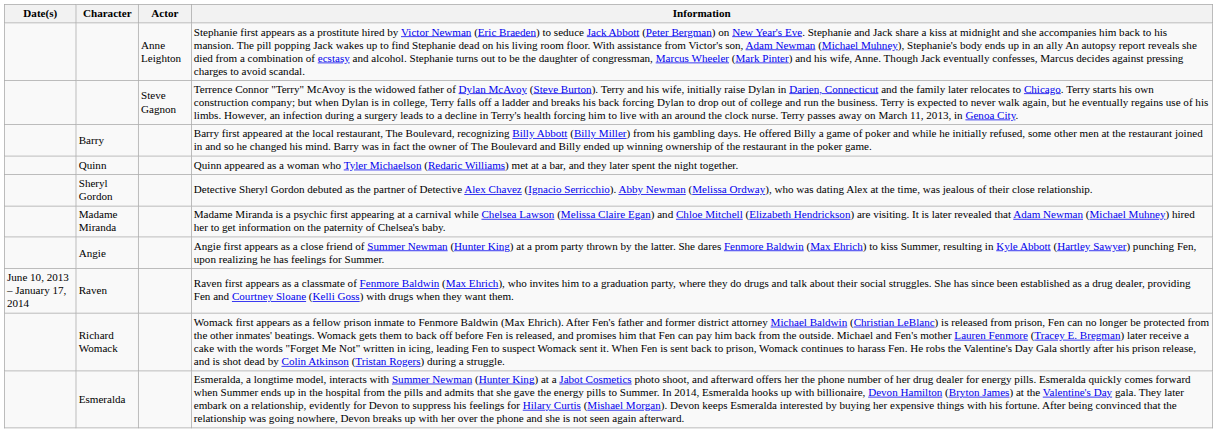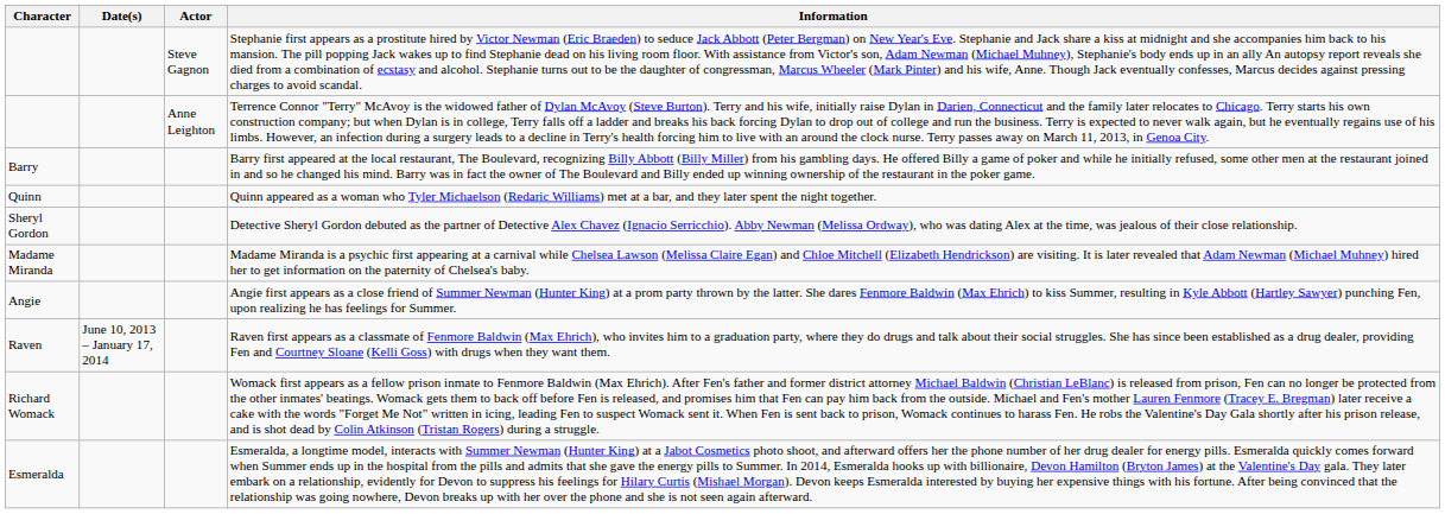 <table class="wikitable" style="font-size:90%">
 <tr>
+<th>Character</th>
 <th>Date(s)</th>
-<th>Character</th>
 <th>Actor</th>
 <th>Information</th>
 </tr>
 <tr>
 <td></td>
 <td></td>
-<td>Anne Leighton</td>
+<td>Steve Gagnon</td>
 <td>Stephanie first appears as a prostitute hired by <a href='#'>Victor Newman</a> (<a href='#'>Eric Braeden</a>) to seduce <a href='#'>Jack Abbott</a> (<a href='#'>Peter Bergman</a>) on <a href='#'>New Year's Eve</a>. Stephanie and Jack share a kiss at midnight and she accompanies him back to his mansion. The pill popping Jack wakes up to find Stephanie dead on his living room floor. With assistance from Victor's son, <a href='#'>Adam Newman</a> (<a href='#'>Michael Muhney</a>), Stephanie's body ends up in an ally An autopsy report reveals she died from a combination of <a href='#'>ecstasy</a> and alcohol. Stephanie turns out to be the daughter of congressman, <a href='#'>Marcus Wheeler</a> (<a href='#'>Mark Pinter</a>) and his wife, Anne. Though Jack eventually confesses, Marcus decides against pressing charges to avoid scandal.</td>
 </tr>
 <tr>
 <td></td>
 <td></td>
-<td>Steve Gagnon</td>
+<td>Anne Leighton</td>
 <td>Terrence Connor "Terry" McAvoy is the widowed father of <a href='#'>Dylan McAvoy</a> (<a href='#'>Steve Burton</a>). Terry and his wife, initially raise Dylan in <a href='#'>Darien, Connecticut</a> and the family later relocates to <a href='#'>Chicago</a>. Terry starts his own construction company; but when Dylan is in college, Terry falls off a ladder and breaks his back forcing Dylan to drop out of college and run the business. Terry is expected to never walk again, but he eventually regains use of his limbs. However, an infection during a surgery leads to a decline in Terry's health forcing him to live with an around the clock nurse. Terry passes away on March 11, 2013, in <a href='#'>Genoa City</a>.</td>
 </tr>
 <tr>
+<td>Barry</td>
 <td></td>
-<td>Barry</td>
 <td></td>
 <td>Barry first appeared at the local restaurant, The Boulevard, recognizing <a href='#'>Billy Abbott</a> (<a href='#'>Billy Miller</a>) from his gambling days. He offered Billy a game of poker and while he initially refused, some other men at the restaurant joined in and so he changed his mind. Barry was in fact the owner of The Boulevard and Billy ended up winning ownership of the restaurant in the poker game.</td>
 </tr>
 <tr>
+<td>Quinn</td>
 <td></td>
-<td>Quinn</td>
 <td></td>
 <td>Quinn appeared as a woman who <a href='#'>Tyler Michaelson</a> (<a href='#'>Redaric Williams</a>) met at a bar, and they later spent the night together.</td>
 </tr>
 <tr>
+<td>Sheryl Gordon</td>
 <td></td>
-<td>Sheryl Gordon</td>
 <td></td>
 <td>Detective Sheryl Gordon debuted as the partner of Detective <a href='#'>Alex Chavez</a> (<a href='#'>Ignacio Serricchio</a>). <a href='#'>Abby Newman</a> (<a href='#'>Melissa Ordway</a>), who was dating Alex at the time, was jealous of their close relationship.</td>
 </tr>
 <tr>
+<td>Madame Miranda</td>
 <td></td>
-<td>Madame Miranda</td>
 <td></td>
 <td>Madame Miranda is a psychic first appearing at a carnival while <a href='#'>Chelsea Lawson</a> (<a href='#'>Melissa Claire Egan</a>) and <a href='#'>Chloe Mitchell</a> (<a href='#'>Elizabeth Hendrickson</a>) are visiting. It is later revealed that <a href='#'>Adam Newman</a> (<a href='#'>Michael Muhney</a>) hired her to get information on the paternity of Chelsea's baby.</td>
 </tr>
 <tr>
+<td>Angie</td>
 <td></td>
-<td>Angie</td>
 <td></td>
 <td>Angie first appears as a close friend of <a href='#'>Summer Newman</a> (<a href='#'>Hunter King</a>) at a prom party thrown by the latter. She dares <a href='#'>Fenmore Baldwin</a> (<a href='#'>Max Ehrich</a>) to kiss Summer, resulting in <a href='#'>Kyle Abbott</a> (<a href='#'>Hartley Sawyer</a>) punching Fen, upon realizing he has feelings for Summer.</td>
 </tr>
 <tr>
+<td>Raven</td>
 <td>June 10, 2013 – January 17, 2014</td>
-<td>Raven</td>
 <td></td>
 <td>Raven first appears as a classmate of <a href='#'>Fenmore Baldwin</a> (<a href='#'>Max Ehrich</a>), who invites him to a graduation party, where they do drugs and talk about their social struggles. She has since been established as a drug dealer, providing Fen and <a href='#'>Courtney Sloane</a> (<a href='#'>Kelli Goss</a>) with drugs when they want them.</td>
 </tr>
 <tr>
+<td>Richard Womack</td>
 <td></td>
-<td>Richard Womack</td>
 <td></td>
 <td>Womack first appears as a fellow prison inmate to Fenmore Baldwin (Max Ehrich). After Fen's father and former district attorney <a href='#'>Michael Baldwin</a> (<a href='#'>Christian LeBlanc</a>) is released from prison, Fen can no longer be protected from the other inmates' beatings. Womack gets them to back off before Fen is released, and promises him that Fen can pay him back from the outside. Michael and Fen's mother <a href='#'>Lauren Fenmore</a> (<a href='#'>Tracey E. Bregman</a>) later receive a cake with the words "Forget Me Not" written in icing, leading Fen to suspect Womack sent it. When Fen is sent back to prison, Womack continues to harass Fen. He robs the Valentine's Day Gala shortly after his prison release, and is shot dead by <a href='#'>Colin Atkinson</a> (<a href='#'>Tristan Rogers</a>) during a struggle.</td>
 </tr>
 <tr>
+<td>Esmeralda</td>
 <td></td>
-<td>Esmeralda</td>
 <td></td>
 <td>Esmeralda, a longtime model, interacts with <a href='#'>Summer Newman</a> (<a href='#'>Hunter King</a>) at a <a href='#'>Jabot Cosmetics</a> photo shoot, and afterward offers her the phone number of her drug dealer for energy pills. Esmeralda quickly comes forward when Summer ends up in the hospital from the pills and admits that she gave the energy pills to Summer. In 2014, Esmeralda hooks up with billionaire, <a href='#'>Devon Hamilton</a> (<a href='#'>Bryton James</a>) at the <a href='#'>Valentine's Day</a> gala. They later embark on a relationship, evidently for Devon to suppress his feelings for <a href='#'>Hilary Curtis</a> (<a href='#'>Mishael Morgan</a>). Devon keeps Esmeralda interested by buying her expensive things with his fortune. After being convinced that the relationship was going nowhere, Devon breaks up with her over the phone and she is not seen again afterward.</td>
 </tr>
 </table>
